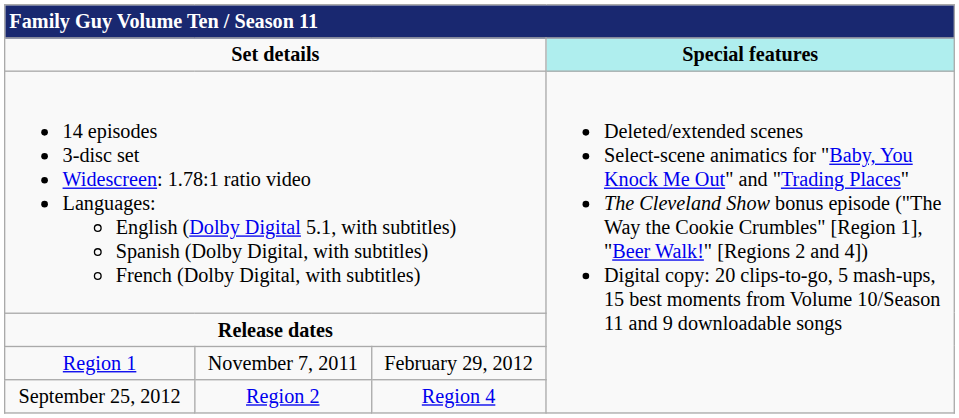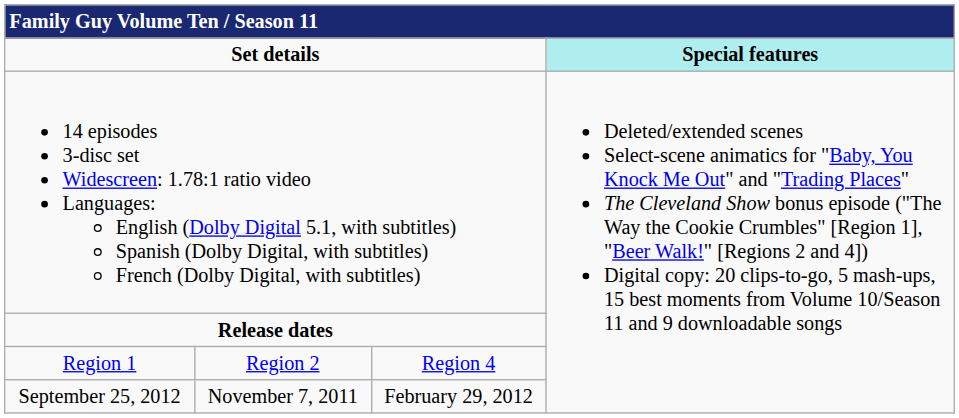 <table class="wikitable" style="font-size: 95%;">
 <tr style="color:#fff;">
 <td colspan="5" style="background:#192870;"><strong>Family Guy Volume Ten / Season 11</strong></td>
 </tr>
 <tr valign="top">
 <td style="text-align:center; width:400px;" colspan="3"><strong>Set details</strong></td>
 <td style="background: paleturquoise; width:300px; text-align:center;"><strong>Special features</strong></td>
 </tr>
 <tr valign="top">
 <td colspan="3"  style="text-align:left; width:400px;"><br><ul><li>14 episodes</li><li>3-disc set</li><li><a href='#'>Widescreen</a>: 1.78:1 ratio video</li><li>Languages:<ul><li>English (<a href='#'>Dolby Digital</a> 5.1, with subtitles)</li><li>Spanish (Dolby Digital, with subtitles)</li><li>French (Dolby Digital, with subtitles)</li></ul></li></ul></td>
 <td rowspan="4"  style="text-align:left; width:300px;"><br><ul><li>Deleted/extended scenes</li><li>Select-scene animatics for "<a href='#'>Baby, You Knock Me Out</a>" and "<a href='#'>Trading Places</a>"</li><li><em>The Cleveland Show</em> bonus episode ("The Way the Cookie Crumbles" [Region 1], "<a href='#'>Beer Walk!</a>" [Regions 2 and 4])</li><li>Digital copy: 20 clips-to-go, 5 mash-ups, 15 best moments from Volume 10/Season 11 and 9 downloadable songs</li></ul></td>
 </tr>
 <tr>
 <td colspan="3" style="text-align:center;"><strong>Release dates</strong></td>
 </tr>
 <tr>
 <td style="text-align:center;"><a href='#'>Region 1</a></td>
+<td style="text-align:center;"><a href='#'>Region 2</a></td>
+<td style="text-align:center;"><a href='#'>Region 4</a></td>
+</tr>
+<tr>
+<td style="text-align:center;">September 25, 2012</td>
 <td style="text-align:center;">November 7, 2011</td>
 <td style="text-align:center;">February 29, 2012</td>
 </tr>
-<tr>
-<td style="text-align:center;">September 25, 2012</td>
-<td style="text-align:center;"><a href='#'>Region 2</a></td>
-<td style="text-align:center;"><a href='#'>Region 4</a></td>
-</tr>
 </table>
